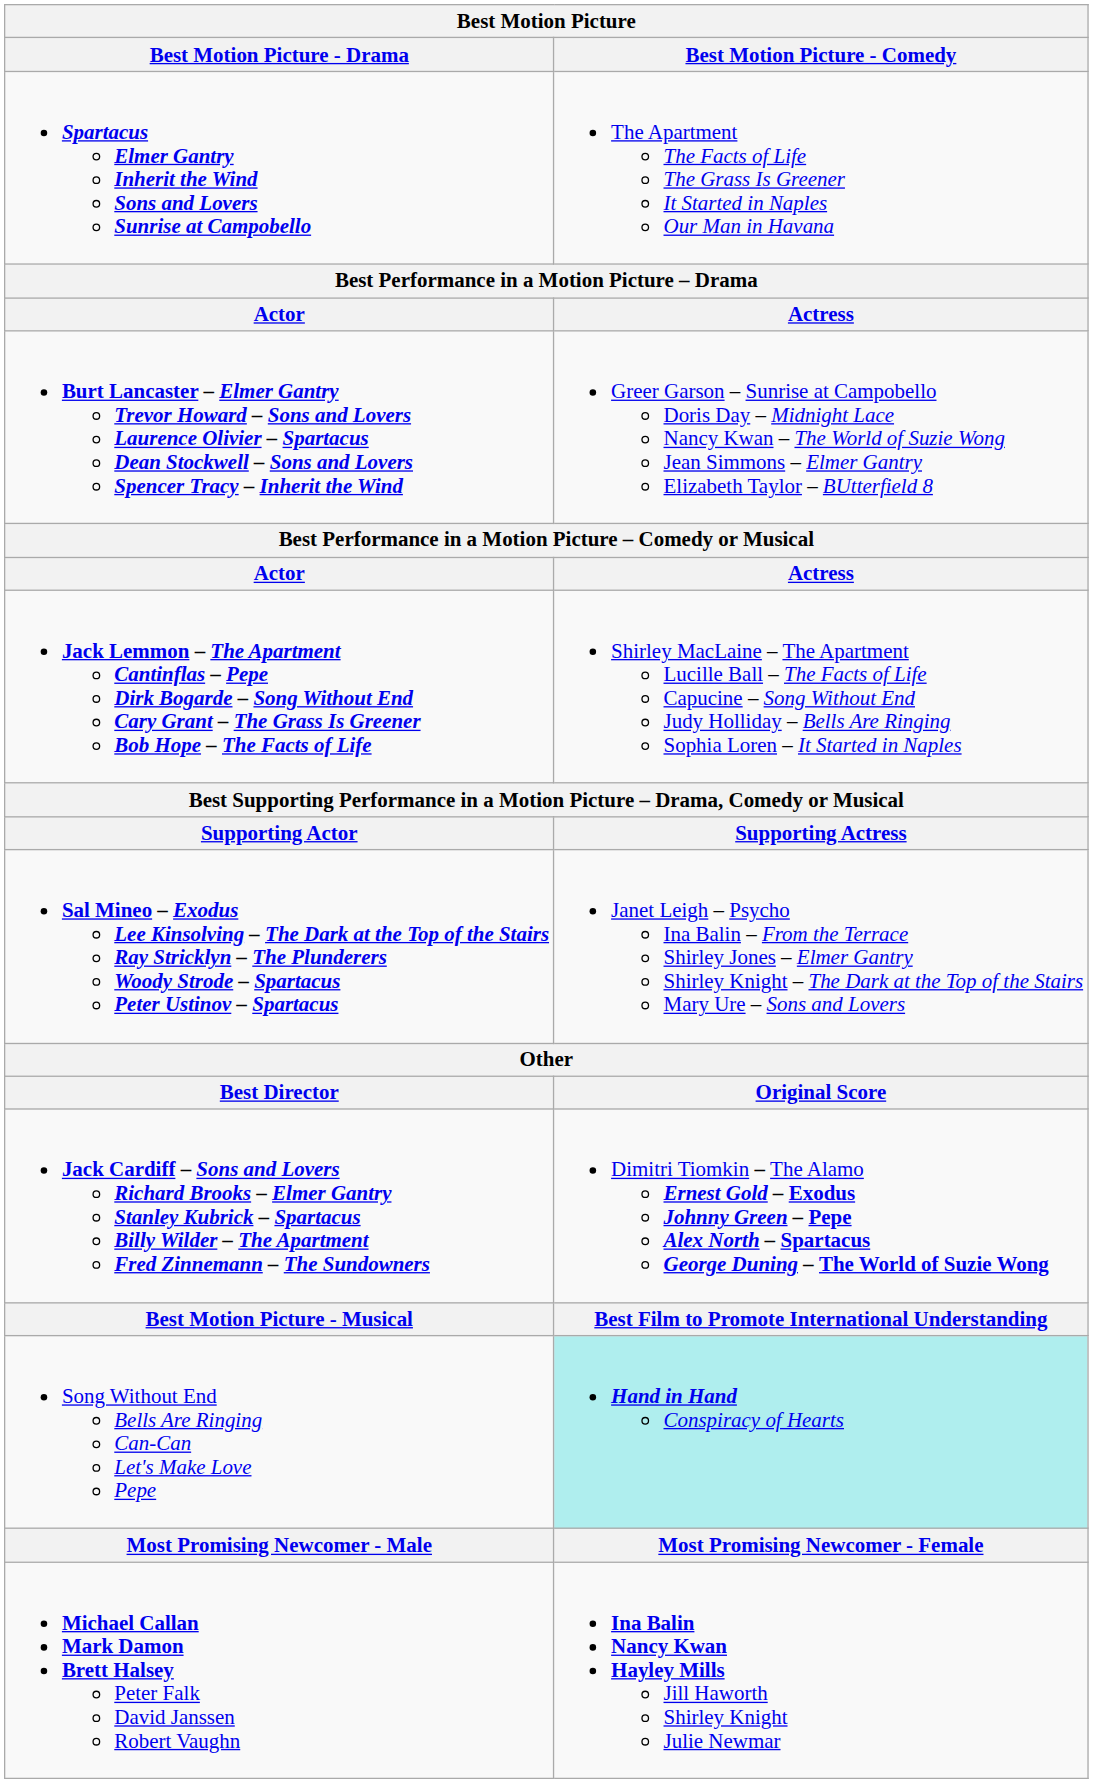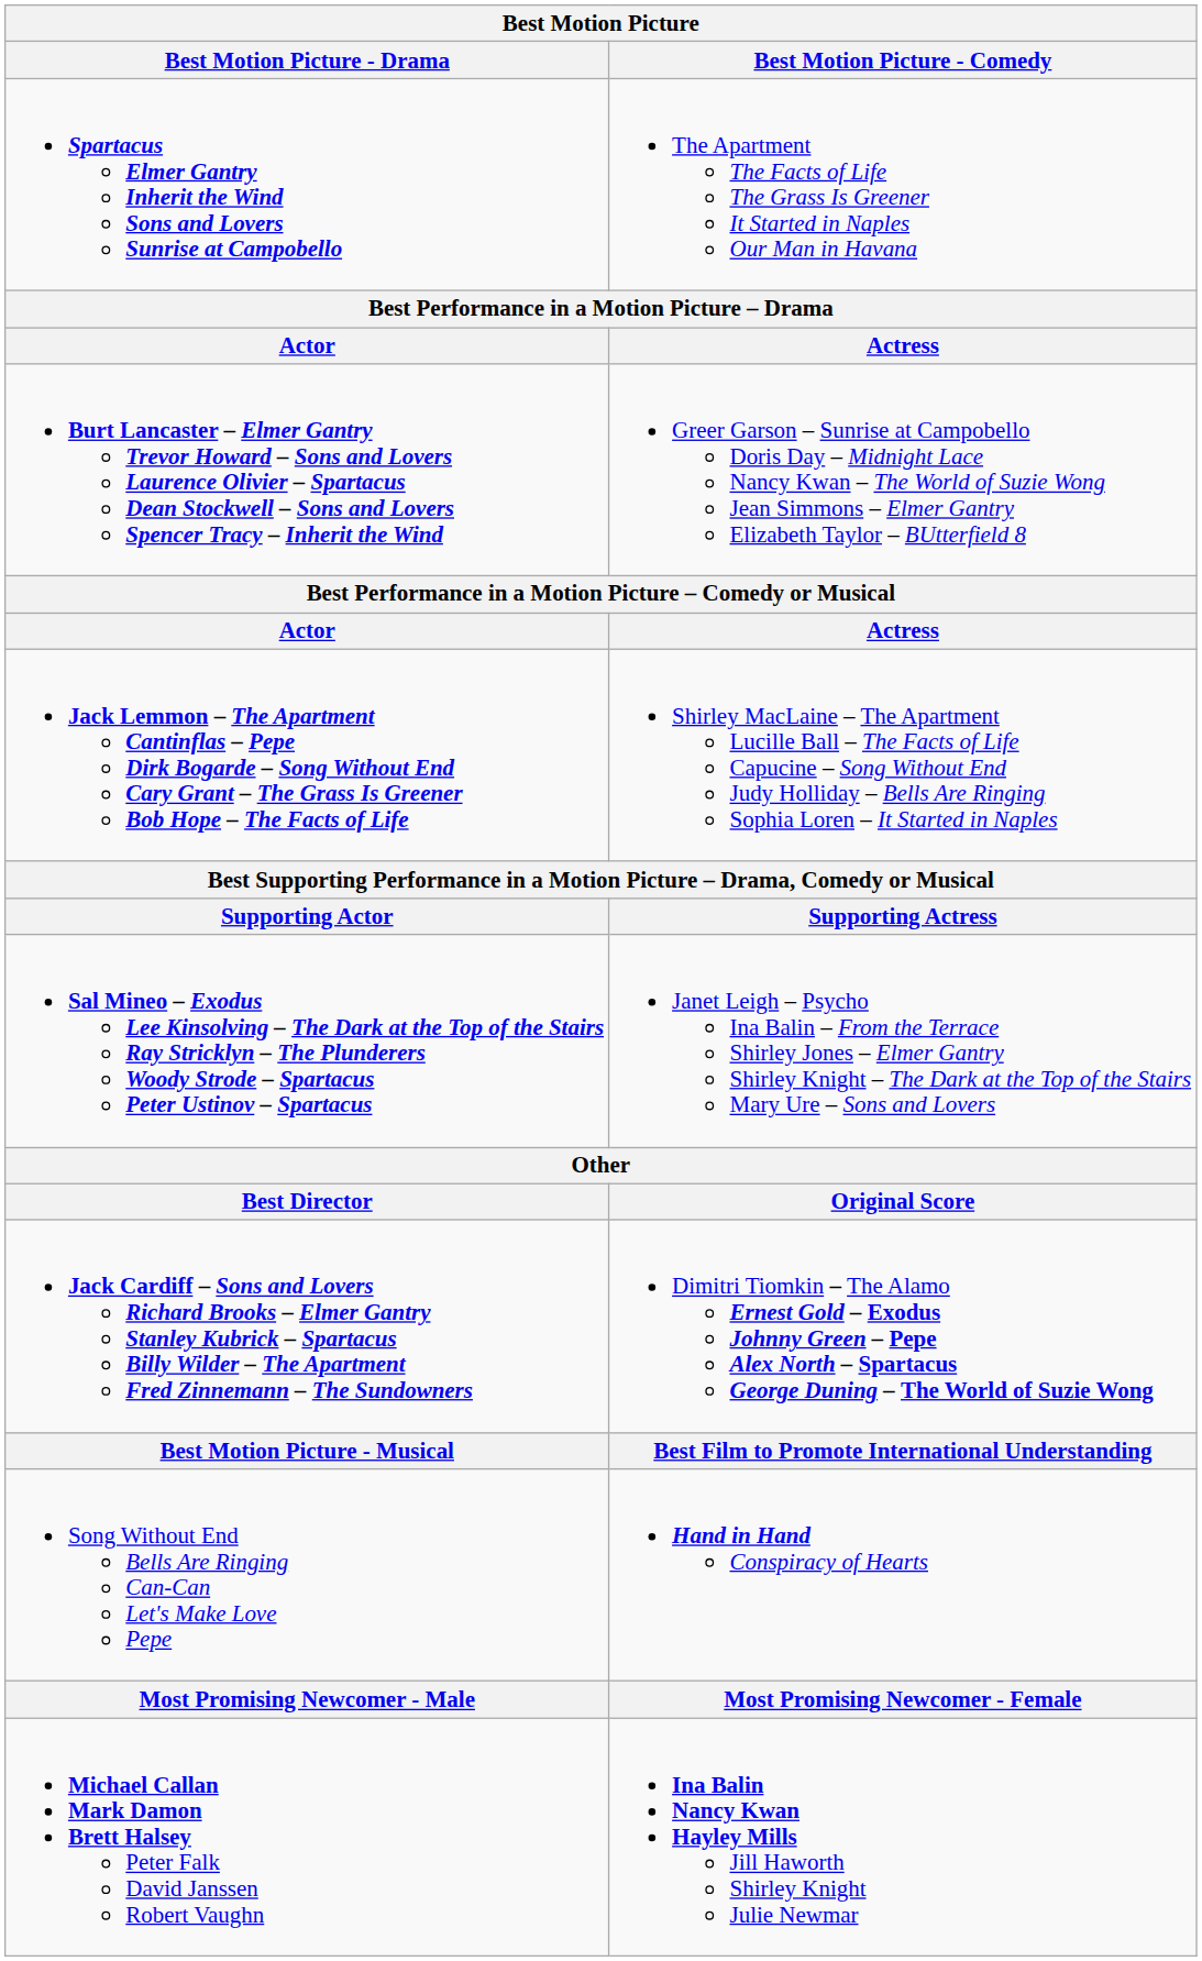 <table class="wikitable" style="width=100%">
 <tr>
 <th colspan="2">Best Motion Picture</th>
 </tr>
 <tr>
 <th style="width=50%"><a href='#'>Best Motion Picture - Drama</a></th>
 <th style="width=50%"><a href='#'>Best Motion Picture - Comedy</a></th>
 </tr>
 <tr>
 <td valign="top"><br><ul><li><strong> <em><a href='#'>Spartacus</a><strong><em><ul><li></em><a href='#'>Elmer Gantry</a><em></li><li></em><a href='#'>Inherit the Wind</a><em></li><li></em><a href='#'>Sons and Lovers</a><em></li><li></em><a href='#'>Sunrise at Campobello</a><em></li></ul></li></ul></td>
 <td valign="top"><br><ul><li></strong> </em><a href='#'>The Apartment</a></em></strong><ul><li><em><a href='#'>The Facts of Life</a></em></li><li><em><a href='#'>The Grass Is Greener</a></em></li><li><em><a href='#'>It Started in Naples</a></em></li><li><em><a href='#'>Our Man in Havana</a></em></li></ul></li></ul></td>
 </tr>
 <tr>
 <th colspan="2">Best Performance in a Motion Picture – Drama</th>
 </tr>
 <tr>
 <th><a href='#'>Actor</a></th>
 <th><a href='#'>Actress</a></th>
 </tr>
 <tr>
 <td valign="top"><br><ul><li><strong> <a href='#'>Burt Lancaster</a> – <em><a href='#'>Elmer Gantry</a><strong><em><ul><li><a href='#'>Trevor Howard</a> – </em><a href='#'>Sons and Lovers</a><em></li><li><a href='#'>Laurence Olivier</a> – </em><a href='#'>Spartacus</a><em></li><li><a href='#'>Dean Stockwell</a> – </em><a href='#'>Sons and Lovers</a><em></li><li><a href='#'>Spencer Tracy</a> – </em><a href='#'>Inherit the Wind</a><em></li></ul></li></ul></td>
 <td valign="top"><br><ul><li></strong> <a href='#'>Greer Garson</a> – </em><a href='#'>Sunrise at Campobello</a></em></strong><ul><li><a href='#'>Doris Day</a> – <em><a href='#'>Midnight Lace</a></em></li><li><a href='#'>Nancy Kwan</a> – <em><a href='#'>The World of Suzie Wong</a></em></li><li><a href='#'>Jean Simmons</a> – <em><a href='#'>Elmer Gantry</a></em></li><li><a href='#'>Elizabeth Taylor</a> – <em><a href='#'>BUtterfield 8</a></em></li></ul></li></ul></td>
 </tr>
 <tr>
 <th colspan="2">Best Performance in a Motion Picture – Comedy or Musical</th>
 </tr>
 <tr>
 <th><a href='#'>Actor</a></th>
 <th><a href='#'>Actress</a></th>
 </tr>
 <tr>
 <td valign="top"><br><ul><li><strong> <a href='#'>Jack Lemmon</a> – <em><a href='#'>The Apartment</a><strong><em><ul><li><a href='#'>Cantinflas</a> – </em><a href='#'>Pepe</a><em></li><li><a href='#'>Dirk Bogarde</a> – </em><a href='#'>Song Without End</a><em></li><li><a href='#'>Cary Grant</a> – </em><a href='#'>The Grass Is Greener</a><em></li><li><a href='#'>Bob Hope</a> – </em><a href='#'>The Facts of Life</a><em></li></ul></li></ul></td>
 <td valign="top"><br><ul><li></strong> <a href='#'>Shirley MacLaine</a> – </em><a href='#'>The Apartment</a></em></strong><ul><li><a href='#'>Lucille Ball</a> – <em><a href='#'>The Facts of Life</a></em></li><li><a href='#'>Capucine</a> – <em><a href='#'>Song Without End</a></em></li><li><a href='#'>Judy Holliday</a> – <em><a href='#'>Bells Are Ringing</a></em></li><li><a href='#'>Sophia Loren</a> – <em><a href='#'>It Started in Naples</a></em></li></ul></li></ul></td>
 </tr>
 <tr>
 <th colspan="2">Best Supporting Performance in a Motion Picture – Drama, Comedy or Musical</th>
 </tr>
 <tr>
 <th><a href='#'>Supporting Actor</a></th>
 <th><a href='#'>Supporting Actress</a></th>
 </tr>
 <tr>
 <td valign="top"><br><ul><li><strong> <a href='#'>Sal Mineo</a> – <em><a href='#'>Exodus</a><strong><em><ul><li><a href='#'>Lee Kinsolving</a> – </em><a href='#'>The Dark at the Top of the Stairs</a><em></li><li><a href='#'>Ray Stricklyn</a> – </em><a href='#'>The Plunderers</a><em></li><li><a href='#'>Woody Strode</a> – </em><a href='#'>Spartacus</a><em></li><li><a href='#'>Peter Ustinov</a> – </em><a href='#'>Spartacus</a><em></li></ul></li></ul></td>
 <td valign="top"><br><ul><li></strong> <a href='#'>Janet Leigh</a> – </em><a href='#'>Psycho</a></em></strong><ul><li><a href='#'>Ina Balin</a> – <em><a href='#'>From the Terrace</a></em></li><li><a href='#'>Shirley Jones</a> – <em><a href='#'>Elmer Gantry</a></em></li><li><a href='#'>Shirley Knight</a> – <em><a href='#'>The Dark at the Top of the Stairs</a></em></li><li><a href='#'>Mary Ure</a> – <em><a href='#'>Sons and Lovers</a></em></li></ul></li></ul></td>
 </tr>
 <tr>
 <th colspan=2>Other</th>
 </tr>
 <tr>
 <th><a href='#'>Best Director</a></th>
 <th><a href='#'>Original Score</a></th>
 </tr>
 <tr>
 <td valign="top"><br><ul><li><strong> <a href='#'>Jack Cardiff</a> – <em><a href='#'>Sons and Lovers</a><strong><em><ul><li><a href='#'>Richard Brooks</a> – </em><a href='#'>Elmer Gantry</a><em></li><li><a href='#'>Stanley Kubrick</a> – </em><a href='#'>Spartacus</a><em></li><li><a href='#'>Billy Wilder</a> – </em><a href='#'>The Apartment</a><em></li><li><a href='#'>Fred Zinnemann</a> – </em><a href='#'>The Sundowners</a><em></li></ul></li></ul></td>
 <td valign="top"><br><ul><li></strong><a href='#'>Dimitri Tiomkin</a><strong> – </em></strong><a href='#'>The Alamo</a><strong><em><ul><li><a href='#'>Ernest Gold</a> – </em><a href='#'>Exodus</a><em></li><li><a href='#'>Johnny Green</a> – </em><a href='#'>Pepe</a><em></li><li><a href='#'>Alex North</a> – </em><a href='#'>Spartacus</a><em></li><li><a href='#'>George Duning</a> – </em><a href='#'>The World of Suzie Wong</a><em></li></ul></li></ul></td>
 </tr>
 <tr>
 <th><a href='#'>Best Motion Picture - Musical</a></th>
 <th><a href='#'>Best Film to Promote International Understanding</a></th>
 </tr>
 <tr>
 <td valign="top"><br><ul><li></strong> </em><a href='#'>Song Without End</a></em></strong><ul><li><em><a href='#'>Bells Are Ringing</a></em></li><li><em><a href='#'>Can-Can</a></em></li><li><em><a href='#'>Let's Make Love</a></em></li><li><em><a href='#'>Pepe</a></em></li></ul></li></ul></td>
-<td valign="top" style="background: paleturquoise;"><br><ul><li><strong><em><a href='#'>Hand in Hand</a></em></strong><ul><li><em><a href='#'>Conspiracy of Hearts</a></em></li></ul></li></ul></td>
+<td valign="top"><br><ul><li><strong><em><a href='#'>Hand in Hand</a></em></strong><ul><li><em><a href='#'>Conspiracy of Hearts</a></em></li></ul></li></ul></td>
 </tr>
 <tr>
 <th><a href='#'>Most Promising Newcomer - Male</a></th>
 <th><a href='#'>Most Promising Newcomer - Female</a></th>
 </tr>
 <tr>
 <td valign="top"><br><ul><li><strong><a href='#'>Michael Callan</a></strong></li><li><strong><a href='#'>Mark Damon</a></strong></li><li><strong><a href='#'>Brett Halsey</a></strong><ul><li><a href='#'>Peter Falk</a></li><li><a href='#'>David Janssen</a></li><li><a href='#'>Robert Vaughn</a></li></ul></li></ul></td>
 <td valign="top"><br><ul><li><strong><a href='#'>Ina Balin</a></strong></li><li><strong><a href='#'>Nancy Kwan</a></strong></li><li><strong><a href='#'>Hayley Mills</a></strong><ul><li><a href='#'>Jill Haworth</a></li><li><a href='#'>Shirley Knight</a></li><li><a href='#'>Julie Newmar</a></li></ul></li></ul></td>
 </tr>
 </table>
